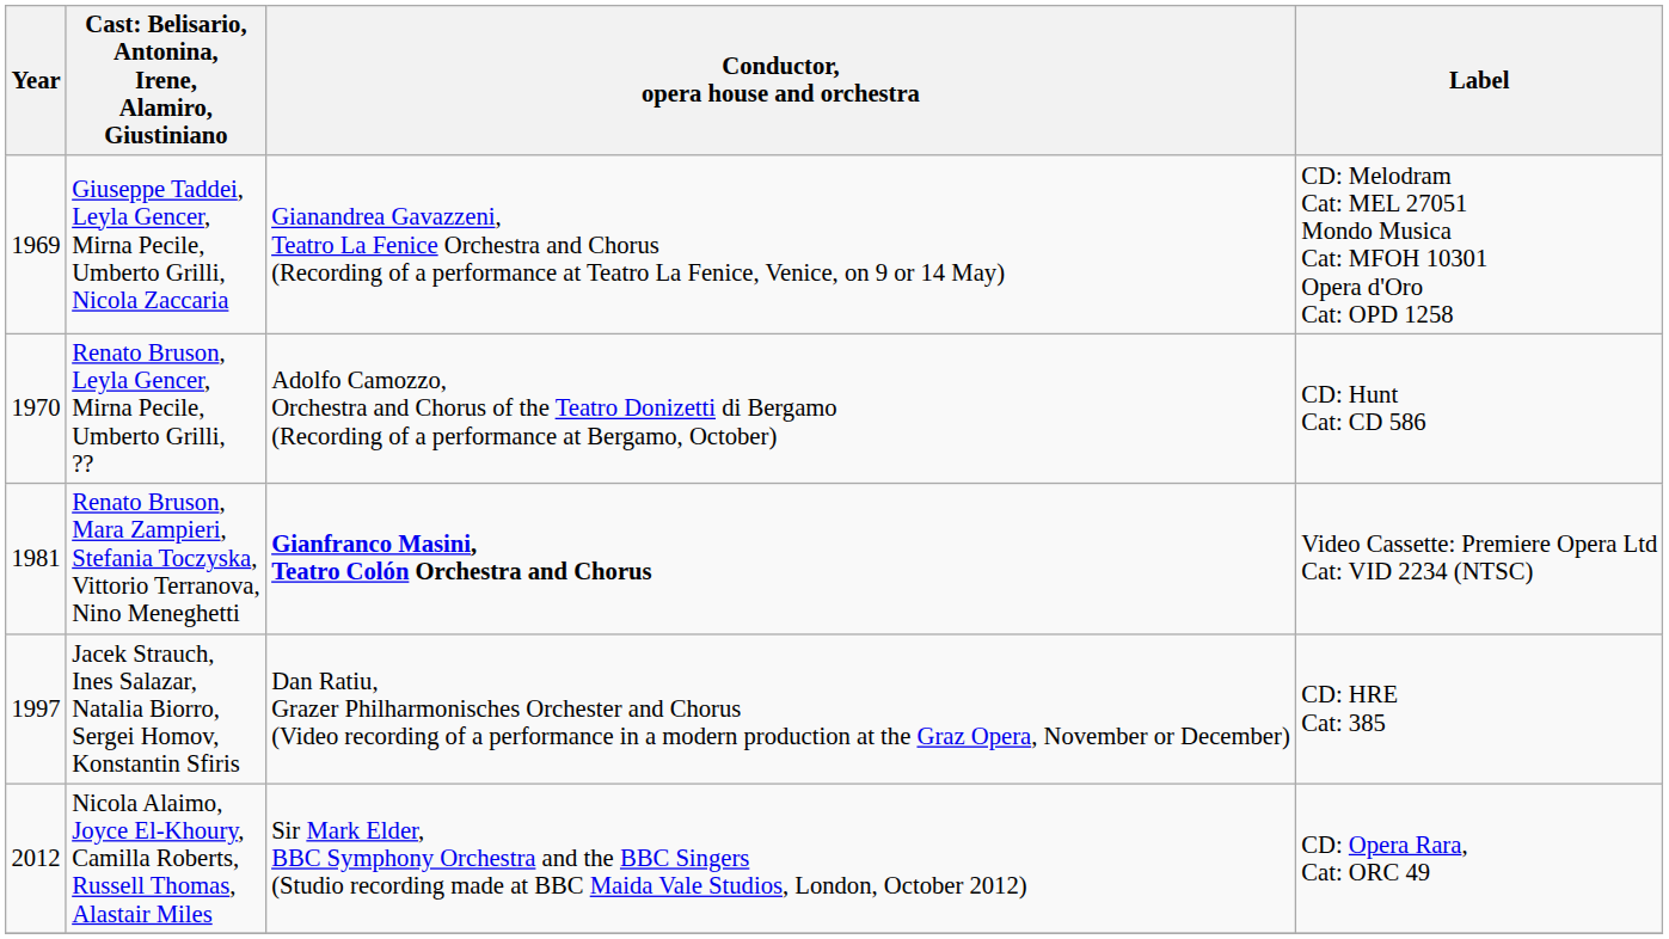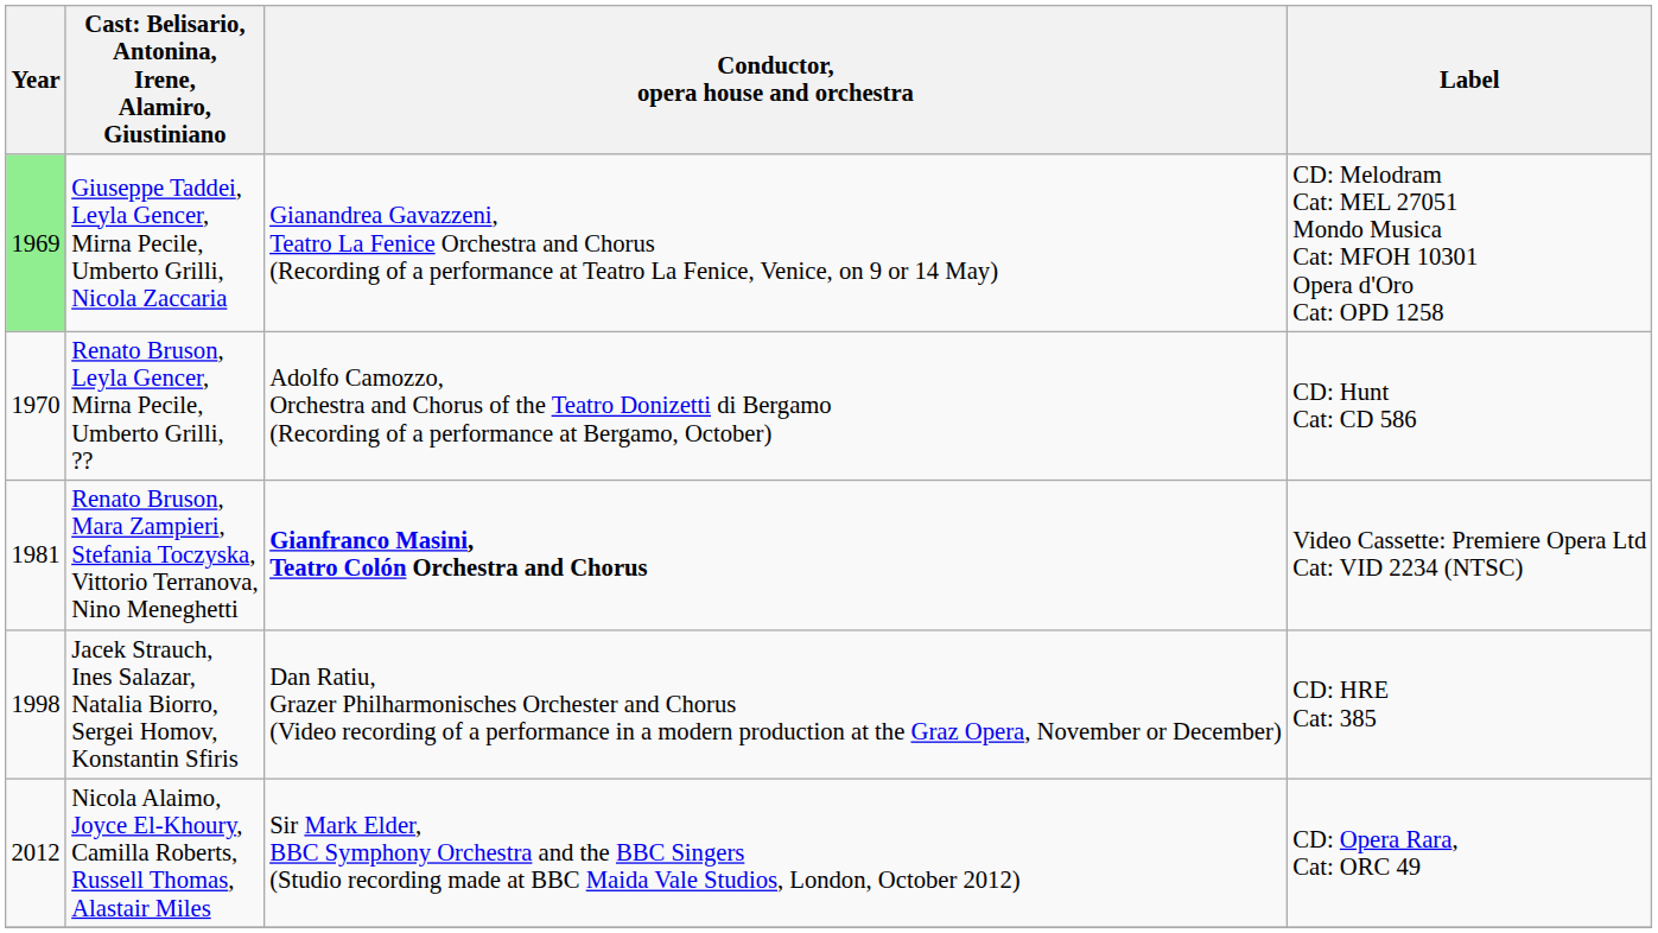 <table class="wikitable">
 <tr>
 <th>Year</th>
 <th>Cast: Belisario,<br>Antonina,<br>Irene,<br>Alamiro,<br>Giustiniano</th>
 <th>Conductor,<br>opera house and orchestra</th>
 <th>Label</th>
 </tr>
 <tr>
-<td>1969</td>
+<td style="background: lightgreen;">1969</td>
 <td><a href='#'>Giuseppe Taddei</a>,<br><a href='#'>Leyla Gencer</a>,<br>Mirna Pecile,<br>Umberto Grilli,<br><a href='#'>Nicola Zaccaria</a></td>
 <td><a href='#'>Gianandrea Gavazzeni</a>,<br><a href='#'>Teatro La Fenice</a> Orchestra and Chorus<br>(Recording of a performance at Teatro La Fenice, Venice, on 9 or 14 May)</td>
 <td>CD: Melodram<br>Cat: MEL 27051<br>Mondo Musica<br>Cat: MFOH 10301<br>Opera d'Oro<br>Cat: OPD 1258</td>
 </tr>
 <tr>
 <td>1970</td>
 <td><a href='#'>Renato Bruson</a>,<br><a href='#'>Leyla Gencer</a>,<br>Mirna Pecile,<br>Umberto Grilli,<br>??</td>
 <td>Adolfo Camozzo,<br>Orchestra and Chorus of the <a href='#'>Teatro Donizetti</a> di Bergamo<br>(Recording of a performance at Bergamo, October)</td>
 <td>CD: Hunt<br>Cat: CD 586</td>
 </tr>
 <tr>
 <td>1981</td>
 <td><a href='#'>Renato Bruson</a>,<br><a href='#'>Mara Zampieri</a>,<br><a href='#'>Stefania Toczyska</a>,<br>Vittorio Terranova,<br>Nino Meneghetti</td>
 <td><strong><a href='#'>Gianfranco Masini</a>,<br><a href='#'>Teatro Colón</a> Orchestra and Chorus</strong></td>
 <td>Video Cassette: Premiere Opera Ltd<br>Cat: VID 2234 (NTSC)</td>
 </tr>
 <tr>
-<td>1997</td>
+<td>1998</td>
 <td>Jacek Strauch,<br>Ines Salazar,<br>Natalia Biorro,<br>Sergei Homov,<br>Konstantin Sfiris</td>
 <td>Dan Ratiu,<br>Grazer Philharmonisches Orchester and Chorus<br>(Video recording of a performance in a modern production at the <a href='#'>Graz Opera</a>, November or December)</td>
 <td>CD: HRE<br>Cat: 385</td>
 </tr>
 <tr>
 <td>2012</td>
 <td>Nicola Alaimo,<br><a href='#'>Joyce El-Khoury</a>,<br>Camilla Roberts,<br><a href='#'>Russell Thomas</a>,<br><a href='#'>Alastair Miles</a></td>
 <td>Sir <a href='#'>Mark Elder</a>,<br><a href='#'>BBC Symphony Orchestra</a> and the <a href='#'>BBC Singers</a><br>(Studio recording made at BBC <a href='#'>Maida Vale Studios</a>, London, October 2012)</td>
 <td>CD: <a href='#'>Opera Rara</a>,<br>Cat: ORC 49</td>
 </tr>
 <tr>
 </tr>
 </table>
